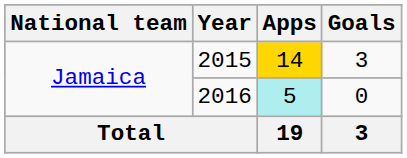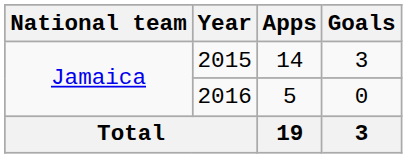 <table class=wikitable style="text-align: center;">
 <tr>
 <th>National team</th>
 <th>Year</th>
 <th>Apps</th>
 <th>Goals</th>
 </tr>
 <tr>
 <td rowspan="2"><a href='#'>Jamaica</a></td>
 <td>2015</td>
-<td style="background: gold;">14</td>
+<td>14</td>
 <td>3</td>
 </tr>
 <tr>
 <td>2016</td>
-<td style="background: paleturquoise;">5</td>
+<td>5</td>
 <td>0</td>
 </tr>
 <tr>
 <th colspan="2">Total</th>
 <th>19</th>
 <th>3</th>
 </tr>
 </table>
